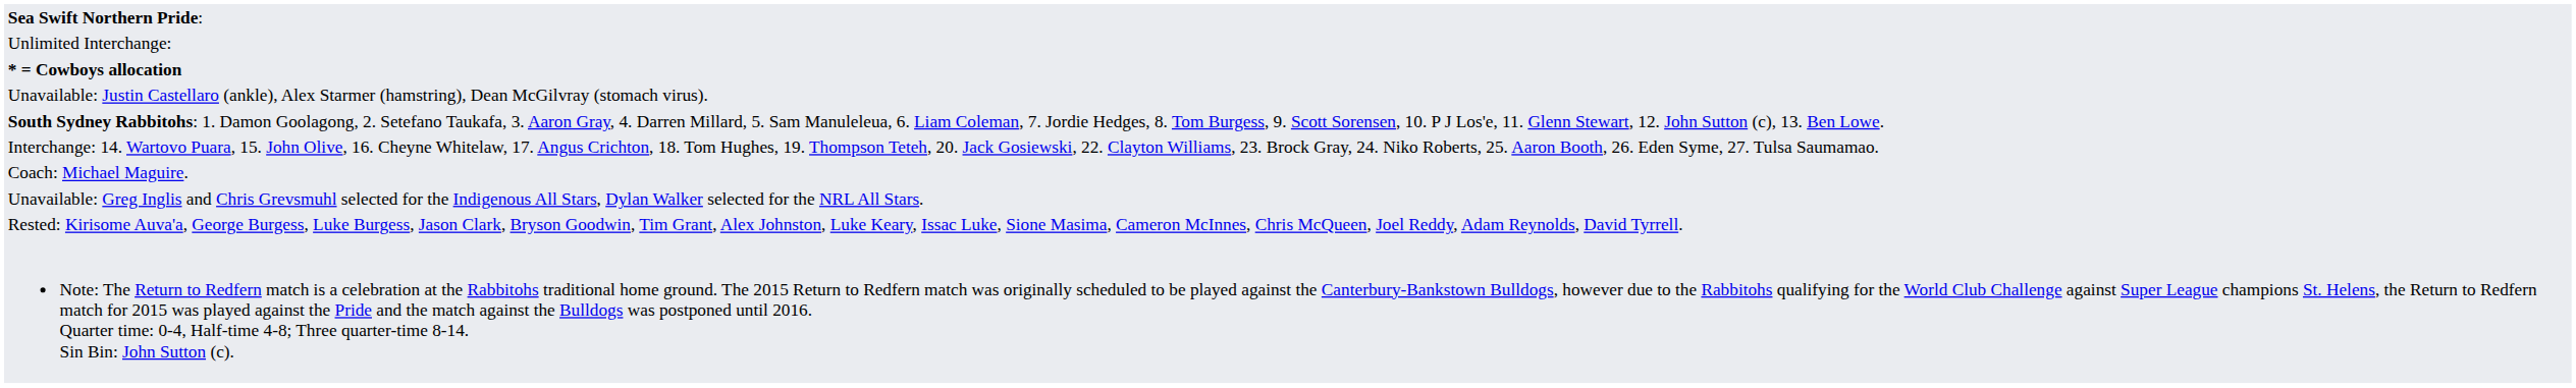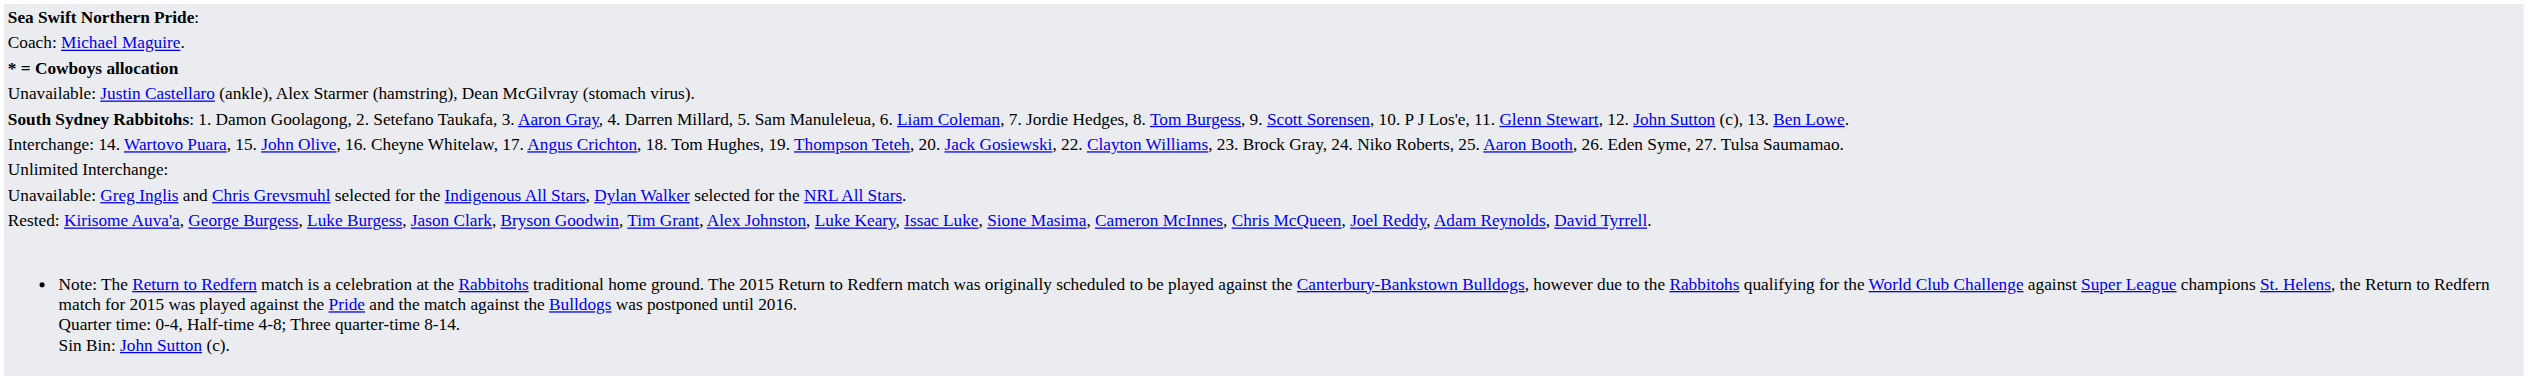 <table style="background:#eaecf0; font-size:85%; width:100%;">
 <tr>
 <td><strong>Sea Swift Northern Pride</strong>:             </td>
 </tr>
 <tr>
-<td>Unlimited Interchange:        </td>
+<td>Coach: <a href='#'>Michael Maguire</a>.</td>
 </tr>
 <tr>
 <td><strong>* = Cowboys allocation</strong></td>
 </tr>
 <tr>
 <td>Unavailable: <a href='#'>Justin Castellaro</a> (ankle), Alex Starmer (hamstring), Dean McGilvray (stomach virus).</td>
 </tr>
 <tr>
 <td><strong>South Sydney Rabbitohs</strong>: 1. Damon Goolagong, 2. Setefano Taukafa, 3. <a href='#'>Aaron Gray</a>, 4. Darren Millard, 5. Sam Manuleleua, 6. <a href='#'>Liam Coleman</a>, 7. Jordie Hedges, 8. <a href='#'>Tom Burgess</a>, 9. <a href='#'>Scott Sorensen</a>, 10. P J Los'e, 11. <a href='#'>Glenn Stewart</a>, 12. <a href='#'>John Sutton</a> (c), 13. <a href='#'>Ben Lowe</a>.</td>
 </tr>
 <tr>
 <td>Interchange: 14. <a href='#'>Wartovo Puara</a>, 15. <a href='#'>John Olive</a>, 16. Cheyne Whitelaw, 17. <a href='#'>Angus Crichton</a>, 18. Tom Hughes, 19. <a href='#'>Thompson Teteh</a>, 20. <a href='#'>Jack Gosiewski</a>, 22. <a href='#'>Clayton Williams</a>, 23. Brock Gray, 24. Niko Roberts, 25. <a href='#'>Aaron Booth</a>, 26. Eden Syme, 27. Tulsa Saumamao.</td>
 </tr>
 <tr>
-<td>Coach: <a href='#'>Michael Maguire</a>.</td>
+<td>Unlimited Interchange:        </td>
 </tr>
 <tr>
 <td>Unavailable: <a href='#'>Greg Inglis</a> and <a href='#'>Chris Grevsmuhl</a> selected for the <a href='#'>Indigenous All Stars</a>, <a href='#'>Dylan Walker</a> selected for the <a href='#'>NRL All Stars</a>.</td>
 </tr>
 <tr>
 <td>Rested: <a href='#'>Kirisome Auva'a</a>, <a href='#'>George Burgess</a>, <a href='#'>Luke Burgess</a>, <a href='#'>Jason Clark</a>, <a href='#'>Bryson Goodwin</a>, <a href='#'>Tim Grant</a>, <a href='#'>Alex Johnston</a>, <a href='#'>Luke Keary</a>, <a href='#'>Issac Luke</a>, <a href='#'>Sione Masima</a>, <a href='#'>Cameron McInnes</a>, <a href='#'>Chris McQueen</a>, <a href='#'>Joel Reddy</a>, <a href='#'>Adam Reynolds</a>, <a href='#'>David Tyrrell</a>.</td>
 </tr>
 <tr>
 <td><br><ul><li>Note: The <a href='#'>Return to Redfern</a> match is a celebration at the <a href='#'>Rabbitohs</a> traditional home ground. The 2015 Return to Redfern match was originally scheduled to be played against the <a href='#'>Canterbury-Bankstown Bulldogs</a>, however due to the <a href='#'>Rabbitohs</a> qualifying for the <a href='#'>World Club Challenge</a> against <a href='#'>Super League</a> champions <a href='#'>St. Helens</a>, the Return to Redfern match for 2015 was played against the <a href='#'>Pride</a> and the match against the <a href='#'>Bulldogs</a> was postponed until 2016.<br>Quarter time: 0-4, Half-time 4-8; Three quarter-time 8-14.<br>Sin Bin: <a href='#'>John Sutton</a> (c).</li></ul></td>
 </tr>
 </table>
